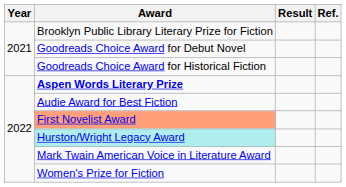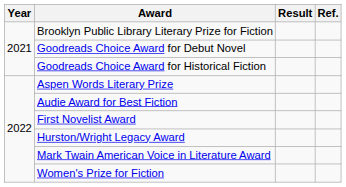 <table class="wikitable sortable mw-collapsible">
 <tr>
 <th>Year</th>
 <th>Award</th>
 <th>Result</th>
 <th>Ref.</th>
 </tr>
 <tr>
 <td rowspan="3">2021</td>
 <td>Brooklyn Public Library Literary Prize for Fiction</td>
 <td></td>
 <td></td>
 </tr>
 <tr>
 <td><a href='#'>Goodreads Choice Award</a> for Debut Novel</td>
 <td></td>
 <td></td>
 </tr>
 <tr>
 <td><a href='#'>Goodreads Choice Award</a> for Historical Fiction</td>
 <td></td>
 <td></td>
 </tr>
 <tr>
 <td rowspan="6">2022</td>
-<td><strong><a href='#'>Aspen Words Literary Prize</a></strong></td>
+<td><a href='#'>Aspen Words Literary Prize</a></td>
 <td></td>
 <td></td>
 </tr>
 <tr>
 <td><a href='#'>Audie Award for Best Fiction</a></td>
 <td></td>
 <td></td>
 </tr>
 <tr>
-<td style="background: lightsalmon;"><a href='#'>First Novelist Award</a></td>
+<td><a href='#'>First Novelist Award</a></td>
 <td></td>
 <td></td>
 </tr>
 <tr>
-<td style="background: paleturquoise;"><a href='#'>Hurston/Wright Legacy Award</a></td>
+<td><a href='#'>Hurston/Wright Legacy Award</a></td>
 <td></td>
 <td></td>
 </tr>
 <tr>
 <td><a href='#'>Mark Twain American Voice in Literature Award</a></td>
 <td></td>
 <td></td>
 </tr>
 <tr>
 <td><a href='#'>Women's Prize for Fiction</a></td>
 <td></td>
 <td></td>
 </tr>
 </table>
